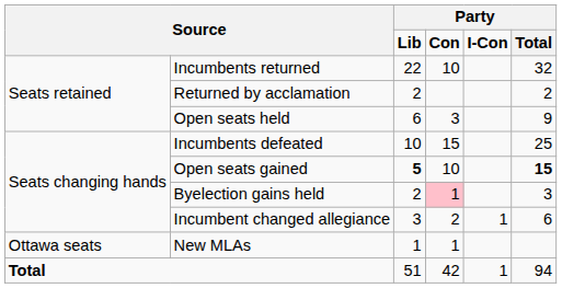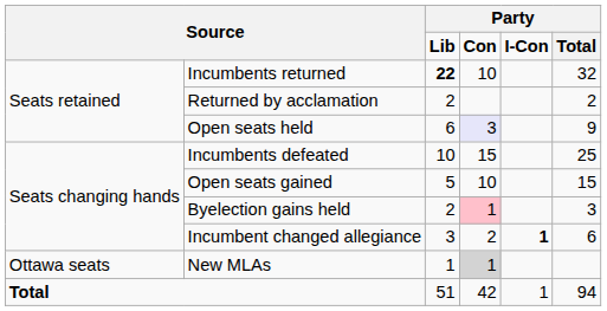 <table class="wikitable" style="text-align:right;">
 <tr>
 <th colspan="2" rowspan="2">Source</th>
 <th colspan="4">Party</th>
 </tr>
 <tr>
 <td><strong>Lib</strong></td>
 <td><strong>Con</strong></td>
 <td><strong>I-Con</strong></td>
 <th>Total</th>
 </tr>
 <tr>
 <td rowspan="3" style="text-align:left;">Seats retained</td>
 <td style="text-align:left;">Incumbents returned</td>
-<td>22</td>
+<td><strong>22</strong></td>
 <td>10</td>
 <td></td>
 <td>32</td>
 </tr>
 <tr>
 <td style="text-align:left;">Returned by acclamation</td>
 <td>2</td>
 <td></td>
 <td></td>
 <td>2</td>
 </tr>
 <tr>
 <td style="text-align:left;">Open seats held</td>
 <td>6</td>
-<td>3</td>
+<td style="background: lavender;">3</td>
 <td></td>
 <td>9</td>
 </tr>
 <tr>
 <td rowspan="4" style="text-align:left;">Seats changing hands</td>
 <td style="text-align:left;">Incumbents defeated</td>
 <td>10</td>
 <td>15</td>
 <td></td>
 <td>25</td>
 </tr>
 <tr>
 <td style="text-align:left;">Open seats gained</td>
-<td><strong>5</strong></td>
+<td>5</td>
 <td>10</td>
 <td></td>
-<td><strong>15</strong></td>
+<td>15</td>
 </tr>
 <tr>
 <td style="text-align:left;">Byelection gains held</td>
 <td>2</td>
 <td style="background: pink;">1</td>
 <td></td>
 <td>3</td>
 </tr>
 <tr>
 <td style="text-align:left;">Incumbent changed allegiance</td>
 <td>3</td>
 <td>2</td>
-<td>1</td>
+<td><strong>1</strong></td>
 <td>6</td>
 </tr>
 <tr>
 <td style="text-align:left;">Ottawa seats</td>
 <td style="text-align:left;">New MLAs</td>
 <td>1</td>
-<td>1</td>
+<td style="background: lightgrey;">1</td>
 <td></td>
 <td></td>
 </tr>
 <tr>
 <td colspan="2" style="text-align:left;"><strong>Total</strong></td>
 <td>51</td>
 <td>42</td>
 <td>1</td>
 <td>94</td>
 </tr>
 </table>
